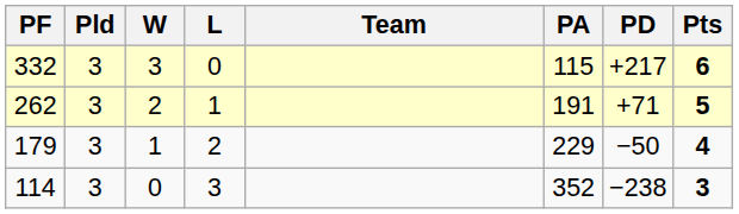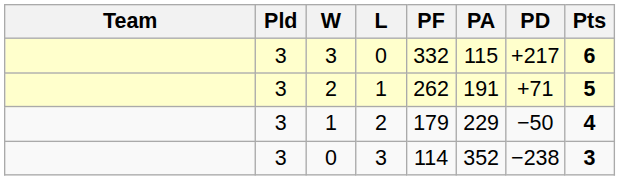 <table class=wikitable style="text-align:center">
 <tr>
-<th width=30>PF</th>
+<th width=180>Team</th>
 <th width=30>Pld</th>
 <th width=30>W</th>
 <th width=30>L</th>
-<th width=180>Team</th>
+<th width=30>PF</th>
 <th width=30>PA</th>
 <th width=30>PD</th>
 <th width=30>Pts</th>
 </tr>
 <tr bgcolor="#ffffcc">
-<td>332</td>
+<td align="left"></td>
 <td>3</td>
 <td>3</td>
 <td>0</td>
-<td align="left"></td>
+<td>332</td>
 <td>115</td>
 <td>+217</td>
 <td><strong>6</strong></td>
 </tr>
 <tr bgcolor="#ffffcc">
-<td>262</td>
+<td align="left"></td>
 <td>3</td>
 <td>2</td>
 <td>1</td>
-<td align="left"></td>
+<td>262</td>
 <td>191</td>
 <td>+71</td>
 <td><strong>5</strong></td>
 </tr>
 <tr>
-<td>179</td>
+<td align="left"></td>
 <td>3</td>
 <td>1</td>
 <td>2</td>
-<td align="left"></td>
+<td>179</td>
 <td>229</td>
 <td>−50</td>
 <td><strong>4</strong></td>
 </tr>
 <tr>
-<td>114</td>
+<td align="left"></td>
 <td>3</td>
 <td>0</td>
 <td>3</td>
-<td align="left"></td>
+<td>114</td>
 <td>352</td>
 <td>−238</td>
 <td><strong>3</strong></td>
 </tr>
 </table>
